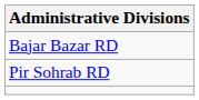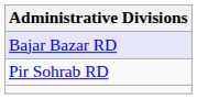 <table class="wikitable">
 <tr>
 <th>Administrative Divisions</th>
 </tr>
 <tr>
-<td><a href='#'>Bajar Bazar RD</a></td>
+<td style="background: lavender;"><a href='#'>Bajar Bazar RD</a></td>
 </tr>
 <tr>
 <td><a href='#'>Pir Sohrab RD</a></td>
 </tr>
 <tr>
 <td colspan=1></td>
 </tr>
 </table>
